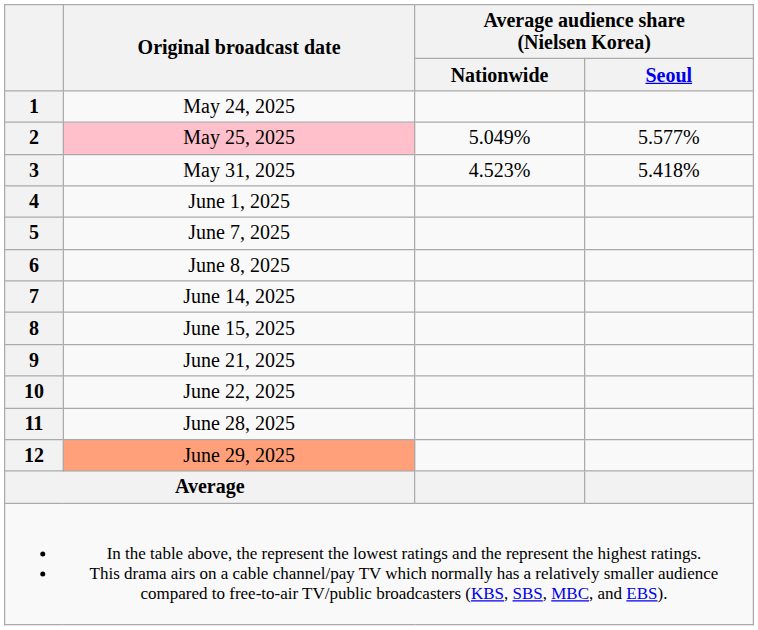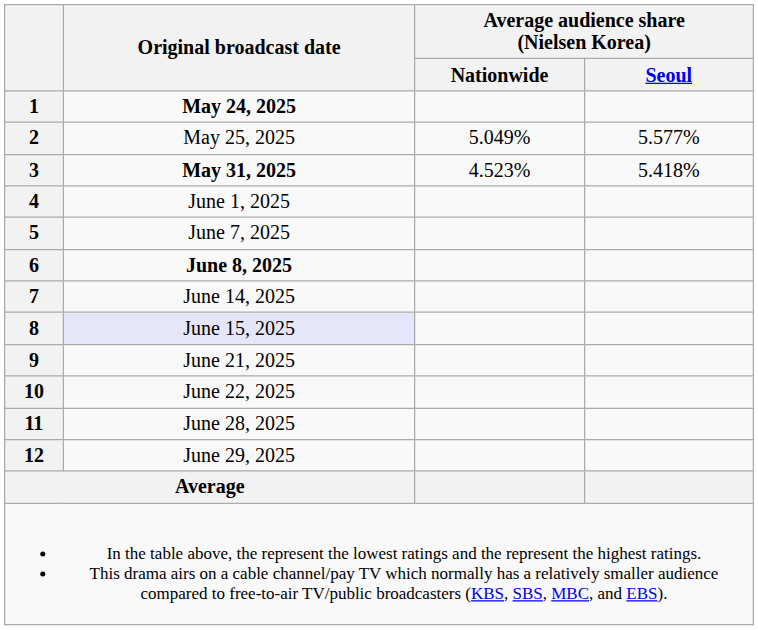 <table class="wikitable" style="margin-left:auto; margin-right:auto; width:600px; text-align:center">
 <tr>
 <th scope="col" rowspan="2"></th>
 <th scope="col" rowspan="2">Original broadcast date</th>
 <th scope="col" colspan="2">Average audience share<br>(Nielsen Korea)</th>
 </tr>
 <tr>
 <th scope="col" style="width:8em">Nationwide</th>
 <th scope="col" style="width:8em"><a href='#'>Seoul</a></th>
 </tr>
 <tr>
 <th scope="col">1</th>
-<td>May 24, 2025</td>
+<td><strong>May 24, 2025</strong></td>
 <td><strong></strong> </td>
 <td><strong></strong> </td>
 </tr>
 <tr>
 <th scope="col">2</th>
-<td style="background: pink;">May 25, 2025</td>
+<td>May 25, 2025</td>
 <td>5.049% </td>
 <td>5.577% </td>
 </tr>
 <tr>
 <th scope="col">3</th>
-<td>May 31, 2025</td>
+<td><strong>May 31, 2025</strong></td>
 <td>4.523% </td>
 <td>5.418% </td>
 </tr>
 <tr>
 <th scope="col">4</th>
 <td>June 1, 2025</td>
 <td><strong></strong> </td>
 <td><strong></strong> </td>
 </tr>
 <tr>
 <th scope="col">5</th>
 <td>June 7, 2025</td>
 <td></td>
 <td></td>
 </tr>
 <tr>
 <th scope="col">6</th>
-<td>June 8, 2025</td>
+<td><strong>June 8, 2025</strong></td>
 <td></td>
 <td></td>
 </tr>
 <tr>
 <th scope="col">7</th>
 <td>June 14, 2025</td>
 <td></td>
 <td></td>
 </tr>
 <tr>
 <th scope="col">8</th>
-<td>June 15, 2025</td>
+<td style="background: lavender;">June 15, 2025</td>
 <td></td>
 <td></td>
 </tr>
 <tr>
 <th scope="col">9</th>
 <td>June 21, 2025</td>
 <td></td>
 <td></td>
 </tr>
 <tr>
 <th scope="col">10</th>
 <td>June 22, 2025</td>
 <td></td>
 <td></td>
 </tr>
 <tr>
 <th scope="col">11</th>
 <td>June 28, 2025</td>
 <td></td>
 <td></td>
 </tr>
 <tr>
 <th scope="col">12</th>
-<td style="background: lightsalmon;">June 29, 2025</td>
+<td>June 29, 2025</td>
 <td></td>
 <td></td>
 </tr>
 <tr>
 <th scope="col" colspan="2">Average</th>
 <th scope="col"></th>
 <th scope="col"></th>
 </tr>
 <tr>
 <td colspan="4" style="font-size:85%"><br><ul><li>In the table above, the <strong></strong> represent the lowest ratings and the <strong></strong> represent the highest ratings.</li><li>This drama airs on a cable channel/pay TV which normally has a relatively smaller audience compared to free-to-air TV/public broadcasters (<a href='#'>KBS</a>, <a href='#'>SBS</a>, <a href='#'>MBC</a>, and <a href='#'>EBS</a>).</li></ul></td>
 </tr>
 </table>
